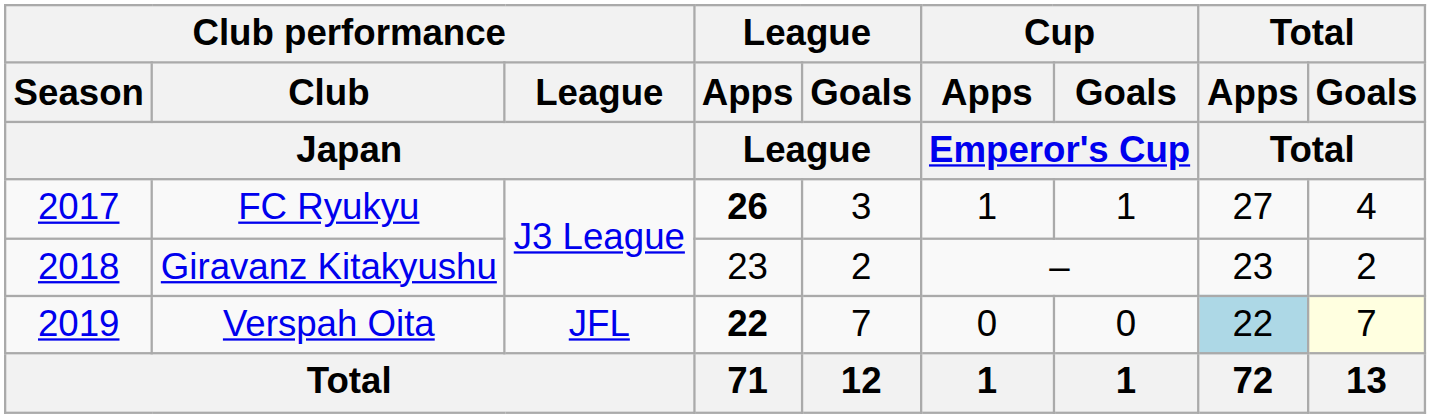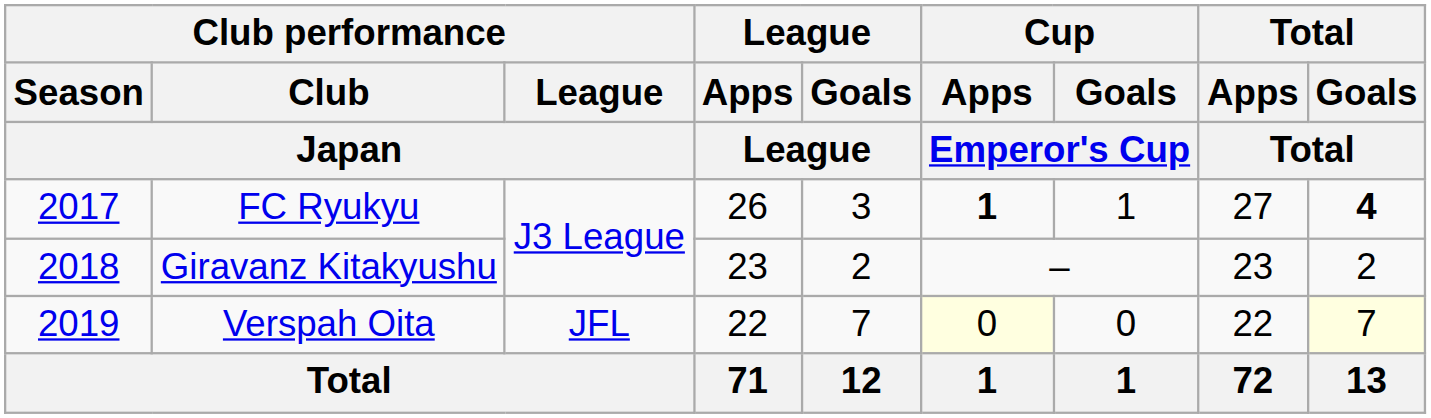 <table class="wikitable" style="text-align:center;">
 <tr>
 <th colspan=3>Club performance</th>
 <th colspan=2>League</th>
 <th colspan=2>Cup</th>
 <th colspan=2>Total</th>
 </tr>
 <tr>
 <th>Season</th>
 <th>Club</th>
 <th>League</th>
 <th>Apps</th>
 <th>Goals</th>
 <th>Apps</th>
 <th>Goals</th>
 <th>Apps</th>
 <th>Goals</th>
 </tr>
 <tr>
 <th colspan=3>Japan</th>
 <th colspan=2>League</th>
 <th colspan=2><a href='#'>Emperor's Cup</a></th>
 <th colspan=2>Total</th>
 </tr>
 <tr>
 <td><a href='#'>2017</a></td>
 <td><a href='#'>FC Ryukyu</a></td>
 <td rowspan="2"><a href='#'>J3 League</a></td>
-<td><strong>26</strong></td>
+<td>26</td>
 <td>3</td>
-<td>1</td>
+<td><strong>1</strong></td>
 <td>1</td>
 <td>27</td>
-<td>4</td>
+<td><strong>4</strong></td>
 </tr>
 <tr>
 <td><a href='#'>2018</a></td>
 <td><a href='#'>Giravanz Kitakyushu</a></td>
 <td>23</td>
 <td>2</td>
 <td colspan="2">–</td>
 <td>23</td>
 <td>2</td>
 </tr>
 <tr>
 <td><a href='#'>2019</a></td>
 <td rowspan="1"><a href='#'>Verspah Oita</a></td>
 <td rowspan="1"><a href='#'>JFL</a></td>
-<td><strong>22</strong></td>
+<td>22</td>
 <td>7</td>
+<td style="background: lightyellow;">0</td>
 <td>0</td>
-<td>0</td>
-<td style="background: lightblue;">22</td>
+<td>22</td>
 <td style="background: lightyellow;">7</td>
 </tr>
 <tr>
 <th colspan=3>Total</th>
 <th>71</th>
 <th>12</th>
 <th>1</th>
 <th>1</th>
 <th>72</th>
 <th>13</th>
 </tr>
 </table>
